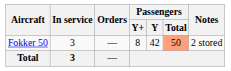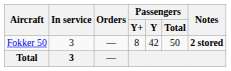 <table class="wikitable" style="margin:1em auto; text-align:center;">
 <tr>
 <th rowspan="2">Aircraft</th>
 <th rowspan="2">In service</th>
 <th rowspan="2">Orders</th>
 <th colspan="3">Passengers</th>
 <th rowspan="2">Notes</th>
 </tr>
 <tr>
 <th style="width:20px;"><abbr>Y+</abbr></th>
 <th style="width:20px;"><abbr>Y</abbr></th>
 <th style="width:25px;">Total</th>
 </tr>
 <tr>
 <td><a href='#'>Fokker 50</a></td>
 <td>3</td>
 <td>—</td>
 <td>8</td>
 <td>42</td>
-<td style="background: lightsalmon;">50</td>
-<td>2 stored</td>
+<td>50</td>
+<td><strong>2 stored</strong></td>
 </tr>
 <tr>
 <th>Total</th>
 <th>3</th>
 <th>—</th>
 <th colspan="4"></th>
 </tr>
 </table>
